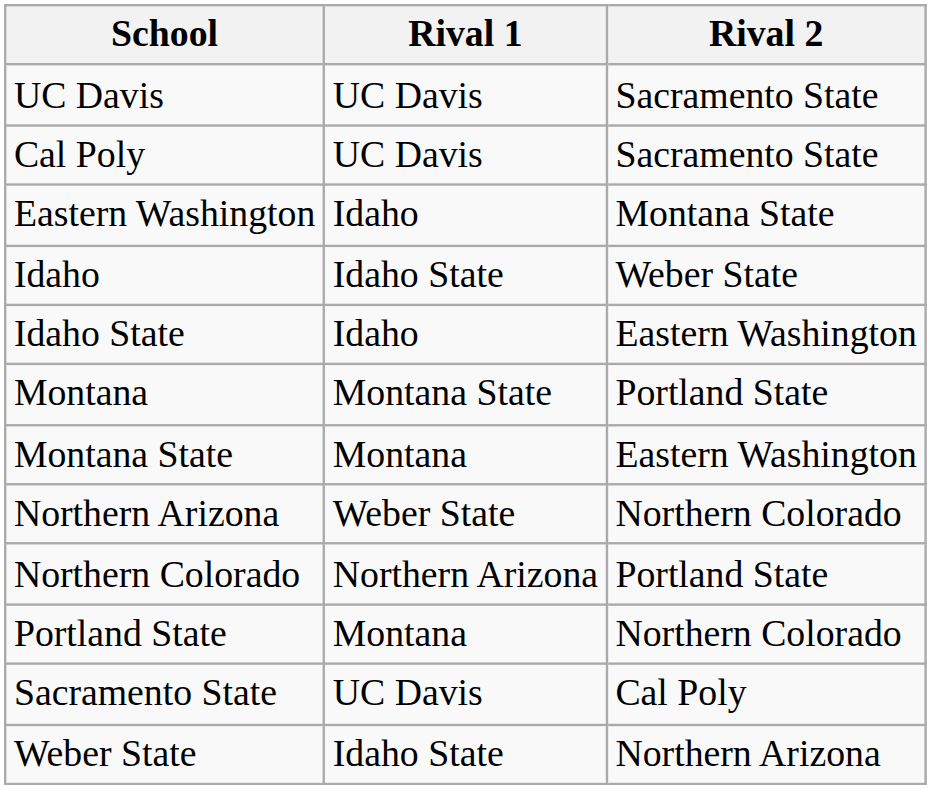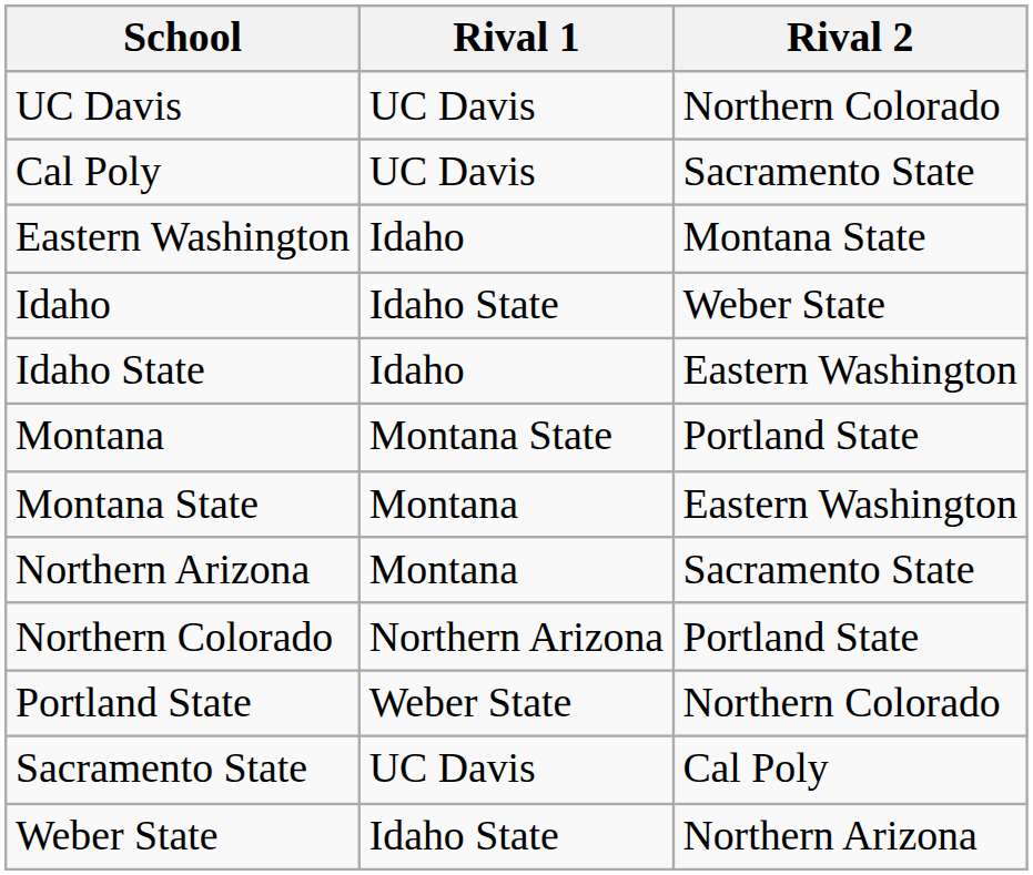 <table class="wikitable sortable">
 <tr>
 <th>School</th>
 <th>Rival 1</th>
 <th>Rival 2</th>
 </tr>
 <tr>
 <td>UC Davis</td>
 <td>UC Davis</td>
-<td>Sacramento State</td>
+<td>Northern Colorado</td>
 </tr>
 <tr>
 <td>Cal Poly</td>
 <td>UC Davis</td>
 <td>Sacramento State</td>
 </tr>
 <tr>
 <td>Eastern Washington</td>
 <td>Idaho</td>
 <td>Montana State</td>
 </tr>
 <tr>
 <td>Idaho</td>
 <td>Idaho State</td>
 <td>Weber State</td>
 </tr>
 <tr>
 <td>Idaho State</td>
 <td>Idaho</td>
 <td>Eastern Washington</td>
 </tr>
 <tr>
 <td>Montana</td>
 <td>Montana State</td>
 <td>Portland State</td>
 </tr>
 <tr>
 <td>Montana State</td>
 <td>Montana</td>
 <td>Eastern Washington</td>
 </tr>
 <tr>
 <td>Northern Arizona</td>
-<td>Weber State</td>
-<td>Northern Colorado</td>
+<td>Montana</td>
+<td>Sacramento State</td>
 </tr>
 <tr>
 <td>Northern Colorado</td>
 <td>Northern Arizona</td>
 <td>Portland State</td>
 </tr>
 <tr>
 <td>Portland State</td>
-<td>Montana</td>
+<td>Weber State</td>
 <td>Northern Colorado</td>
 </tr>
 <tr>
 <td>Sacramento State</td>
 <td>UC Davis</td>
 <td>Cal Poly</td>
 </tr>
 <tr>
 <td>Weber State</td>
 <td>Idaho State</td>
 <td>Northern Arizona</td>
 </tr>
 </table>
